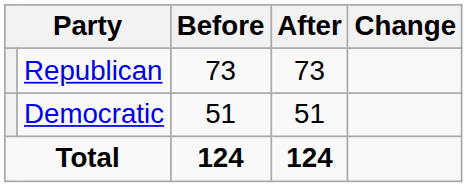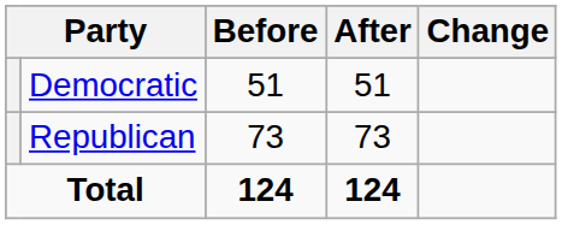 <table class="wikitable" style="text-align:center;">
 <tr>
 <th colspan="2">Party</th>
 <th>Before</th>
 <th>After</th>
 <th>Change</th>
 </tr>
 <tr>
 <th style="background-color:"></th>
-<td style="text-align:left;"><a href='#'>Republican</a></td>
-<td>73</td>
-<td>73</td>
+<td style="text-align:left;"><a href='#'>Democratic</a></td>
+<td>51</td>
+<td>51</td>
 <td></td>
 </tr>
 <tr>
 <th style="background-color:"></th>
-<td style="text-align:left;"><a href='#'>Democratic</a></td>
-<td>51</td>
-<td>51</td>
+<td style="text-align:left;"><a href='#'>Republican</a></td>
+<td>73</td>
+<td>73</td>
 <td></td>
 </tr>
 <tr>
 <td colspan="2"><strong>Total</strong></td>
 <td><strong>124</strong></td>
 <td><strong>124</strong></td>
 <td></td>
 </tr>
 </table>
